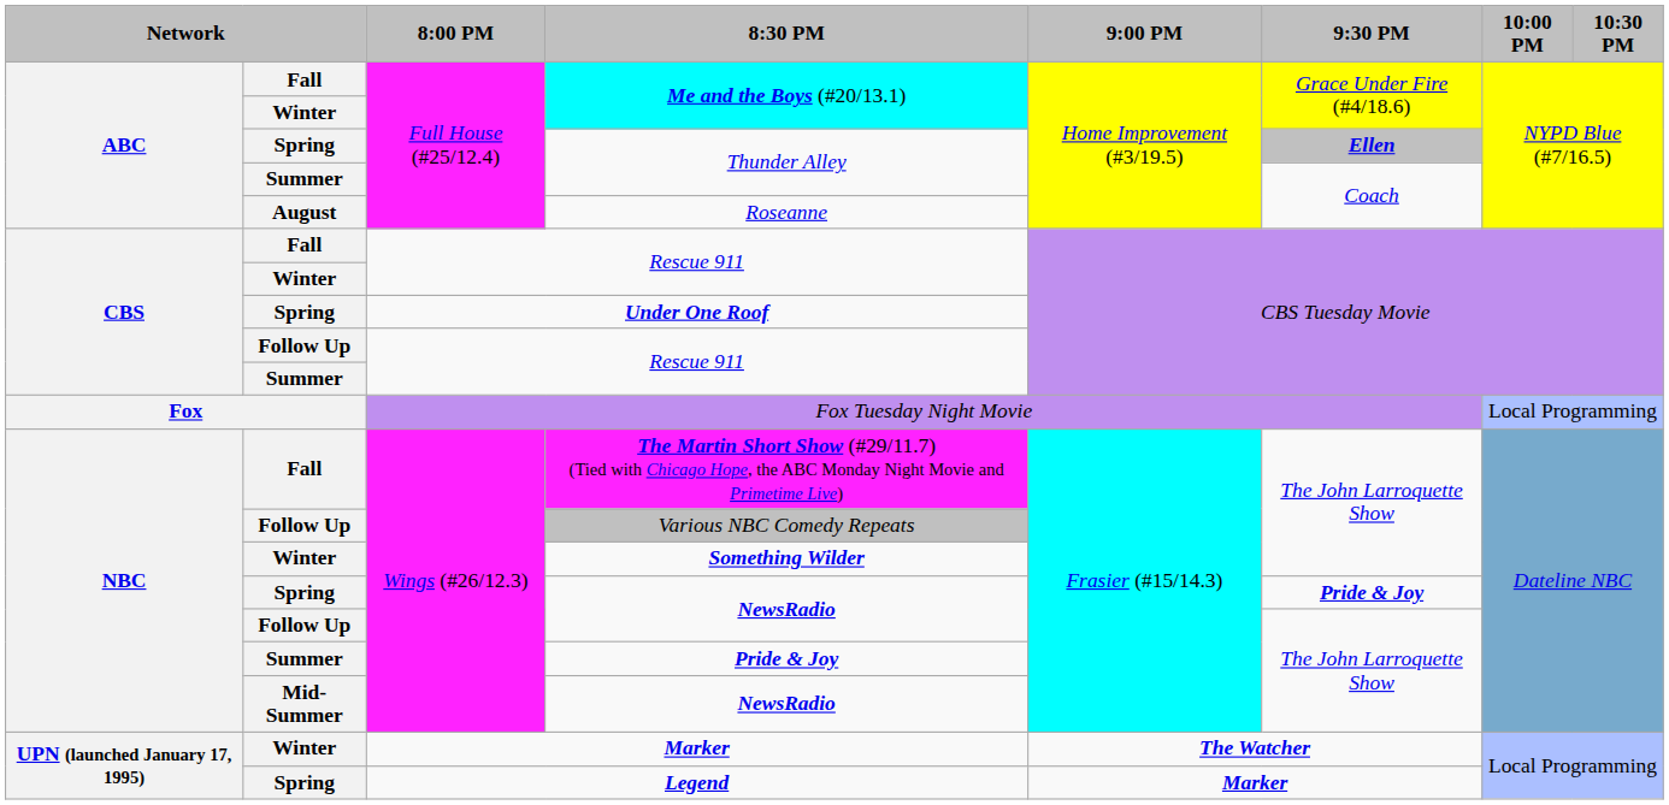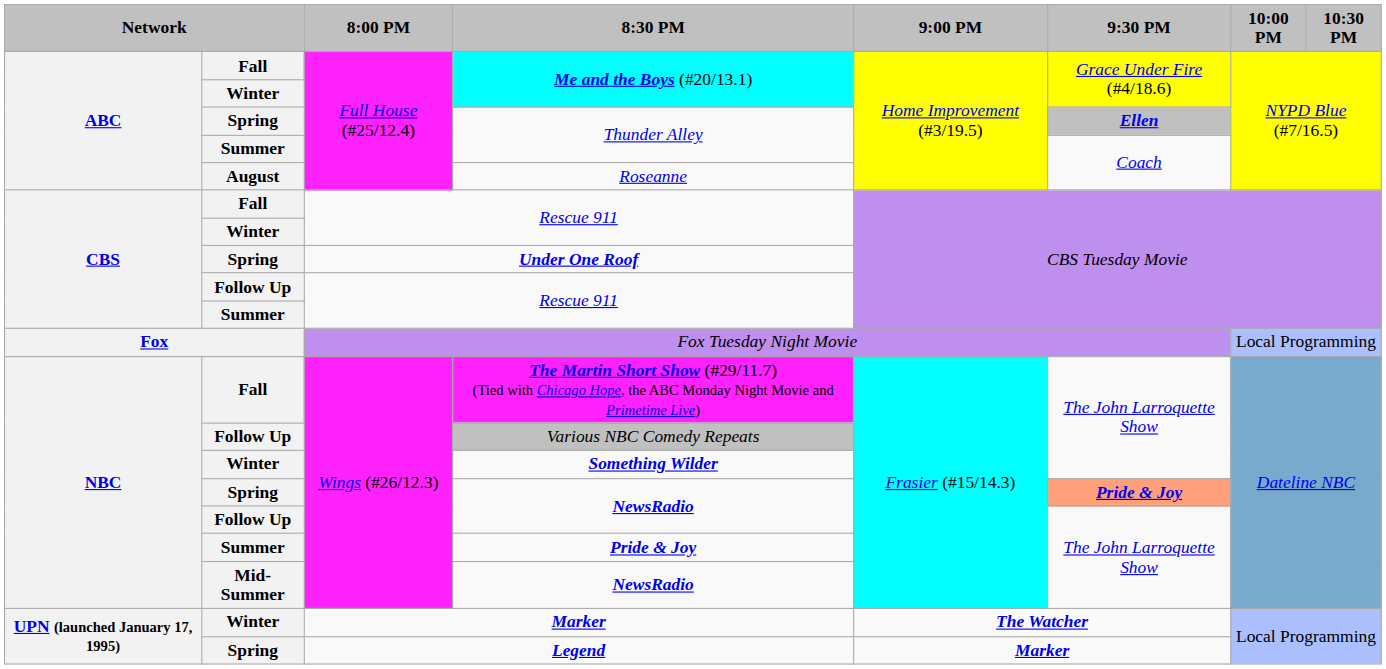 <table class="wikitable" style="width:100%;margin-right:0;text-align:center">
 <tr>
 <th colspan="2" style="background-color:#C0C0C0;text-align:center">Network</th>
 <th style="background-color:#C0C0C0;text-align:center">8:00 PM</th>
 <th style="background-color:#C0C0C0;text-align:center">8:30 PM</th>
 <th style="background-color:#C0C0C0;text-align:center">9:00 PM</th>
 <th style="background-color:#C0C0C0;text-align:center">9:30 PM</th>
 <th style="background-color:#C0C0C0;text-align:center">10:00 PM</th>
 <th style="background-color:#C0C0C0;text-align:center">10:30 PM</th>
 </tr>
 <tr>
 <th rowspan="5"><a href='#'>ABC</a></th>
 <th>Fall</th>
 <td bgcolor="#FF22FF"  rowspan="5"><em><a href='#'>Full House</a></em> (#25/12.4)</td>
 <td bgcolor="#00FFFF" rowspan="2"><strong><em><a href='#'>Me and the Boys</a></em></strong> (#20/13.1)</td>
 <td bgcolor="#FFFF00" rowspan="5"><em><a href='#'>Home Improvement</a></em> (#3/19.5)</td>
 <td bgcolor="#FFFF00" rowspan="2"><em><a href='#'>Grace Under Fire</a></em> (#4/18.6)</td>
 <td bgcolor="#FFFF00" rowspan="5" colspan="2"><em><a href='#'>NYPD Blue</a></em> (#7/16.5)</td>
 </tr>
 <tr>
 <th>Winter</th>
 </tr>
 <tr>
 <th>Spring</th>
 <td rowspan="2"><em><a href='#'>Thunder Alley</a></em></td>
 <td bgcolor="#C0C0C0"><strong><em><a href='#'>Ellen</a></em> </strong></td>
 </tr>
 <tr>
 <th>Summer</th>
 <td rowspan="2"><em><a href='#'>Coach</a></em></td>
 </tr>
 <tr>
 <th>August</th>
 <td><em><a href='#'>Roseanne</a></em></td>
 </tr>
 <tr>
 <th rowspan="5"><a href='#'>CBS</a></th>
 <th>Fall</th>
 <td rowspan="2" colspan="2"><em><a href='#'>Rescue 911</a></em></td>
 <td bgcolor="#bf8fef" rowspan="5" colspan="4"><em>CBS Tuesday Movie</em></td>
 </tr>
 <tr>
 <th>Winter</th>
 </tr>
 <tr>
 <th>Spring</th>
 <td colspan="2"><strong><em><a href='#'>Under One Roof</a></em></strong></td>
 </tr>
 <tr>
 <th>Follow Up</th>
 <td rowspan="2" colspan="2"><em><a href='#'>Rescue 911</a></em></td>
 </tr>
 <tr>
 <th>Summer</th>
 </tr>
 <tr>
 <th colspan="2"><a href='#'>Fox</a></th>
 <td bgcolor="#bf8fef" colspan="4"><em>Fox Tuesday Night Movie</em></td>
 <td style="background:#abbfff;" colspan="2">Local Programming</td>
 </tr>
 <tr>
 <th rowspan="7"><a href='#'>NBC</a></th>
 <th>Fall</th>
 <td bgcolor="#FF22FF" rowspan="7"><em><a href='#'>Wings</a></em> (#26/12.3)</td>
 <td bgcolor="#FF22FF"><strong><em><a href='#'>The Martin Short Show</a></em></strong> (#29/11.7)<br><small>(Tied with <em><a href='#'>Chicago Hope</a></em>, the ABC Monday Night Movie and <em><a href='#'>Primetime Live</a></em>)</small></td>
 <td bgcolor="#00FFFF" rowspan="7"><em><a href='#'>Frasier</a></em> (#15/14.3)</td>
 <td rowspan="3"><em><a href='#'>The John Larroquette Show</a></em></td>
 <td bgcolor="#77AACC" rowspan="7" colspan="2"><em><a href='#'>Dateline NBC</a></em></td>
 </tr>
 <tr>
 <th>Follow Up</th>
 <td bgcolor="#C0C0C0"><em>Various NBC Comedy Repeats</em></td>
 </tr>
 <tr>
 <th>Winter</th>
 <td><strong><em><a href='#'>Something Wilder</a></em></strong></td>
 </tr>
 <tr>
 <th>Spring</th>
 <td rowspan="2"><strong><em><a href='#'>NewsRadio</a></em></strong></td>
-<td><strong><em><a href='#'>Pride & Joy</a></em></strong></td>
+<td style="background: lightsalmon;"><strong><em><a href='#'>Pride & Joy</a></em></strong></td>
 </tr>
 <tr>
 <th>Follow Up</th>
 <td rowspan="3"><em><a href='#'>The John Larroquette Show</a></em></td>
 </tr>
 <tr>
 <th>Summer</th>
 <td><strong><em><a href='#'>Pride & Joy</a></em></strong></td>
 </tr>
 <tr>
 <th>Mid-Summer</th>
 <td><strong><em><a href='#'>NewsRadio</a></em></strong></td>
 </tr>
 <tr>
 <th rowspan="2"><a href='#'>UPN</a> <small>(launched January 17, 1995)</small></th>
 <th>Winter</th>
 <td colspan="2"><strong><em><a href='#'>Marker</a></em></strong></td>
 <td colspan="2"><strong><em><a href='#'>The Watcher</a></em></strong></td>
 <td style="background:#abbfff;" rowspan="2" colspan="2">Local Programming</td>
 </tr>
 <tr>
 <th>Spring</th>
 <td colspan="2"><strong><em><a href='#'>Legend</a></em></strong></td>
 <td colspan="2"><strong><em><a href='#'>Marker</a></em></strong></td>
 </tr>
 </table>
